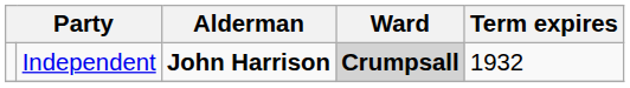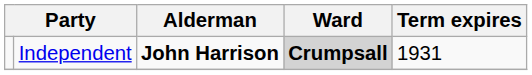 <table class="wikitable">
 <tr>
 <th colspan="2">Party</th>
 <th>Alderman</th>
 <th>Ward</th>
 <th>Term expires</th>
 </tr>
 <tr>
 <td style="background-color:"></td>
 <td><a href='#'>Independent</a></td>
 <td><strong>John Harrison</strong></td>
 <td style="background: lightgrey;"><strong>Crumpsall</strong></td>
-<td>1932</td>
+<td>1931</td>
 </tr>
 <tr>
 </tr>
 </table>
